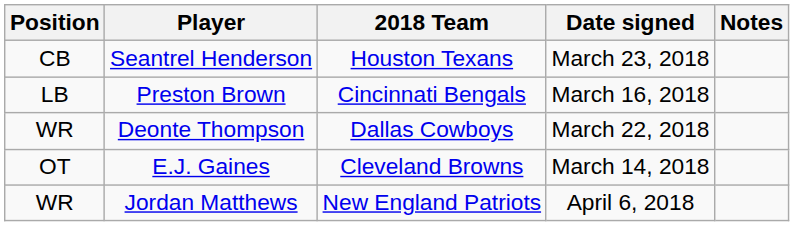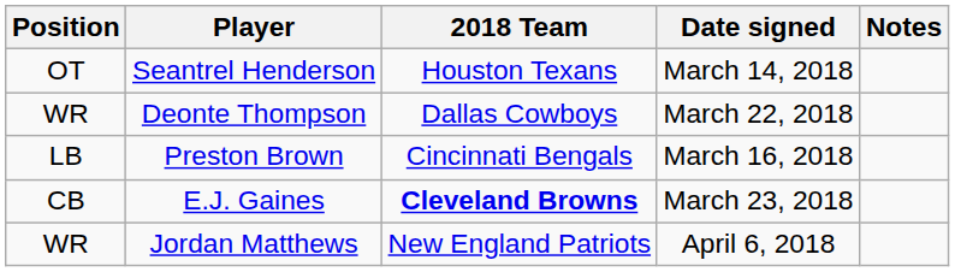 <table class="wikitable sortable" style="text-align:center">
 <tr>
 <th>Position</th>
 <th>Player</th>
 <th>2018 Team</th>
 <th>Date signed</th>
 <th>Notes</th>
 </tr>
 <tr>
-<td>CB</td>
+<td>OT</td>
 <td><a href='#'>Seantrel Henderson</a></td>
 <td><a href='#'>Houston Texans</a></td>
-<td>March 23, 2018</td>
+<td>March 14, 2018</td>
+<td></td>
+</tr>
+<tr>
+<td>WR</td>
+<td><a href='#'>Deonte Thompson</a></td>
+<td><a href='#'>Dallas Cowboys</a></td>
+<td>March 22, 2018</td>
 <td></td>
 </tr>
 <tr>
 <td>LB</td>
 <td><a href='#'>Preston Brown</a></td>
 <td><a href='#'>Cincinnati Bengals</a></td>
 <td>March 16, 2018</td>
 <td></td>
 </tr>
 <tr>
-<td>WR</td>
-<td><a href='#'>Deonte Thompson</a></td>
-<td><a href='#'>Dallas Cowboys</a></td>
-<td>March 22, 2018</td>
-<td></td>
-</tr>
-<tr>
-<td>OT</td>
+<td>CB</td>
 <td><a href='#'>E.J. Gaines</a></td>
-<td><a href='#'>Cleveland Browns</a></td>
-<td>March 14, 2018</td>
+<td><strong><a href='#'>Cleveland Browns</a></strong></td>
+<td>March 23, 2018</td>
 <td></td>
 </tr>
 <tr>
 <td>WR</td>
 <td><a href='#'>Jordan Matthews</a></td>
 <td><a href='#'>New England Patriots</a></td>
 <td>April 6, 2018</td>
 <td></td>
 </tr>
 </table>
